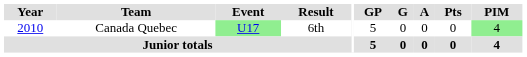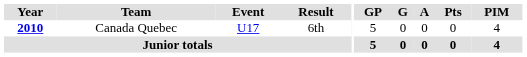 <table border="0" cellpadding="1" cellspacing="0" ID="Table3" style="text-align:center; width:40em">
 <tr ALIGN="center" bgcolor="#e0e0e0">
 <th>Year</th>
 <th>Team</th>
 <th>Event</th>
 <th>Result</th>
 <th rowspan="99" bgcolor="#ffffff"></th>
 <th>GP</th>
 <th>G</th>
 <th>A</th>
 <th>Pts</th>
 <th>PIM</th>
 </tr>
 <tr>
-<td><a href='#'>2010</a></td>
+<td><strong><a href='#'>2010</a></strong></td>
 <td>Canada Quebec</td>
-<td style="background: lightgreen;"><a href='#'>U17</a></td>
+<td><a href='#'>U17</a></td>
 <td>6th</td>
 <td>5</td>
 <td>0</td>
 <td>0</td>
 <td>0</td>
-<td style="background: lightgreen;">4</td>
+<td>4</td>
 </tr>
 <tr bgcolor="#e0e0e0">
 <th colspan="4">Junior totals</th>
 <th>5</th>
 <th>0</th>
 <th>0</th>
 <th>0</th>
 <th>4</th>
 </tr>
 </table>
